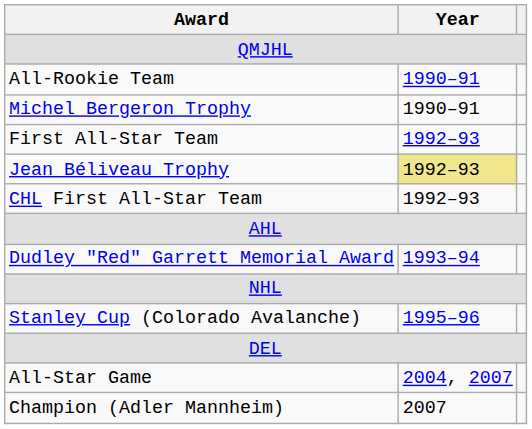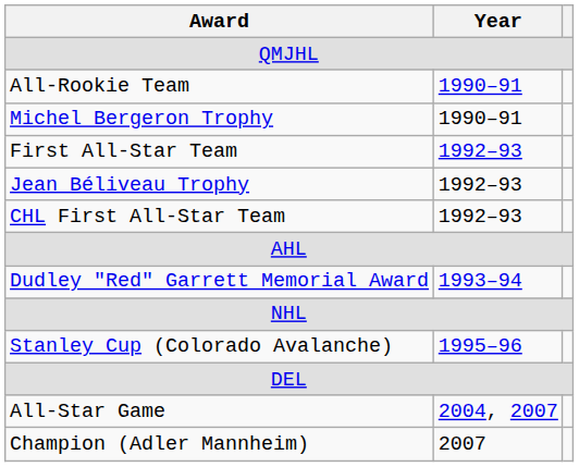 <table class="wikitable">
 <tr>
 <th>Award</th>
 <th>Year</th>
 <th></th>
 </tr>
 <tr ALIGN="center" bgcolor="#e0e0e0">
 <td colspan="3"><a href='#'>QMJHL</a></td>
 </tr>
 <tr>
 <td>All-Rookie Team</td>
 <td><a href='#'>1990–91</a></td>
 <td></td>
 </tr>
 <tr>
 <td><a href='#'>Michel Bergeron Trophy</a></td>
 <td>1990–91</td>
 <td></td>
 </tr>
 <tr>
 <td>First All-Star Team</td>
 <td><a href='#'>1992–93</a></td>
 <td></td>
 </tr>
 <tr>
 <td><a href='#'>Jean Béliveau Trophy</a></td>
-<td style="background: khaki;">1992–93</td>
+<td>1992–93</td>
 <td></td>
 </tr>
 <tr>
 <td><a href='#'>CHL</a>  First All-Star Team</td>
 <td>1992–93</td>
 <td></td>
 </tr>
 <tr ALIGN="center" bgcolor="#e0e0e0">
 <td colspan="3"><a href='#'>AHL</a></td>
 </tr>
 <tr>
 <td><a href='#'>Dudley "Red" Garrett Memorial Award</a></td>
 <td><a href='#'>1993–94</a></td>
 <td></td>
 </tr>
 <tr ALIGN="center" bgcolor="#e0e0e0">
 <td colspan="3"><a href='#'>NHL</a></td>
 </tr>
 <tr>
 <td><a href='#'>Stanley Cup</a>  (Colorado Avalanche)</td>
 <td><a href='#'>1995–96</a></td>
 <td></td>
 </tr>
 <tr ALIGN="center" bgcolor="#e0e0e0">
 <td colspan="3"><a href='#'>DEL</a></td>
 </tr>
 <tr>
 <td>All-Star Game</td>
 <td><a href='#'>2004</a>, <a href='#'>2007</a></td>
 <td></td>
 </tr>
 <tr>
 <td>Champion (Adler Mannheim)</td>
 <td>2007</td>
 <td></td>
 </tr>
 </table>
